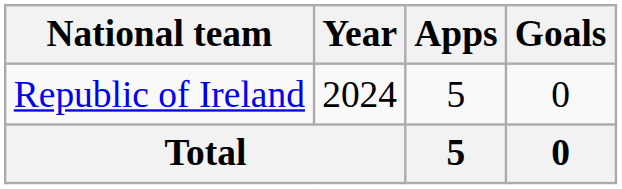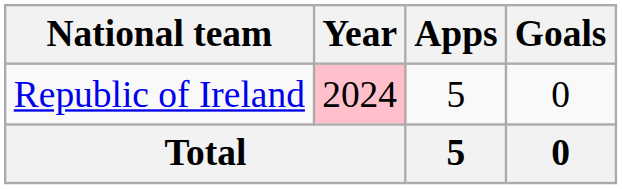 <table class="wikitable" style="text-align:center">
 <tr>
 <th>National team</th>
 <th>Year</th>
 <th>Apps</th>
 <th>Goals</th>
 </tr>
 <tr>
 <td><a href='#'>Republic of Ireland</a></td>
-<td>2024</td>
+<td style="background: pink;">2024</td>
 <td>5</td>
 <td>0</td>
 </tr>
 <tr>
 <th colspan="2">Total</th>
 <th>5</th>
 <th>0</th>
 </tr>
 </table>
